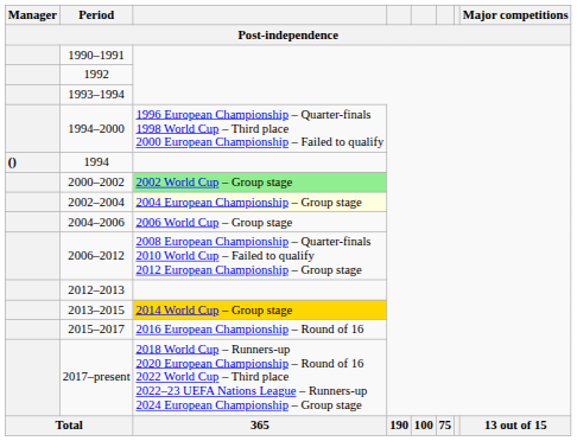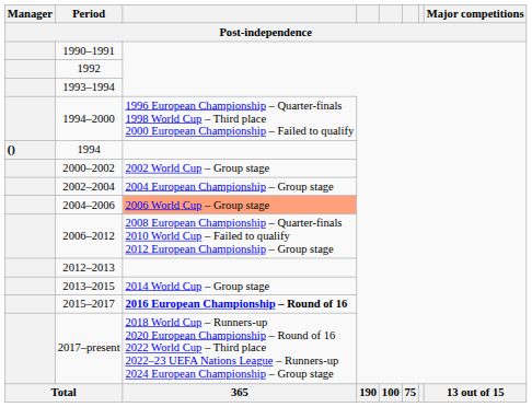 <table class="wikitable sortable plainrowheaders" cellpadding="3" style="text-align: center;">
 <tr>
 <th scope="col">Manager</th>
 <th scope="col">Period</th>
 <th></th>
 <th></th>
 <th></th>
 <th></th>
 <th></th>
 <th>Major competitions</th>
 </tr>
 <tr>
 <th colspan="8">Post-independence</th>
 </tr>
 <tr>
 <th scope="row" style="text-align: left;"> </th>
 <td>1990–1991<br></td>
 </tr>
 <tr>
 <th scope="row" style="text-align: left;"> </th>
 <td>1992<br></td>
 </tr>
 <tr>
 <th scope="row" style="text-align: left;"> </th>
 <td>1993–1994<br></td>
 </tr>
 <tr>
 <th scope="row" style="text-align: left;"> </th>
 <td>1994–2000<br></td>
 <td style="text-align: left;"> <a href='#'>1996 European Championship</a> – Quarter-finals<br> <a href='#'>1998 World Cup</a> – Third place<br> <a href='#'>2000 European Championship</a> – Failed to qualify</td>
 </tr>
 <tr>
 <th scope="row" style="text-align: left;">  ()</th>
 <td>1994<br></td>
 <td></td>
 </tr>
 <tr>
 <th scope="row" style="text-align: left;"> </th>
 <td>2000–2002<br></td>
-<td style="background: lightgreen; text-align: left;"> <a href='#'>2002 World Cup</a> – Group stage</td>
+<td style="text-align: left;"> <a href='#'>2002 World Cup</a> – Group stage</td>
 </tr>
 <tr>
 <th scope="row" style="text-align: left;"> </th>
 <td>2002–2004<br></td>
-<td style="background: lightyellow; text-align: left;"> <a href='#'>2004 European Championship</a> – Group stage</td>
+<td style="text-align: left;"> <a href='#'>2004 European Championship</a> – Group stage</td>
 </tr>
 <tr>
 <th scope="row" style="text-align: left;"> </th>
 <td>2004–2006<br></td>
-<td style="text-align: left;"> <a href='#'>2006 World Cup</a> – Group stage</td>
+<td style="background: lightsalmon; text-align: left;"> <a href='#'>2006 World Cup</a> – Group stage</td>
 </tr>
 <tr>
 <th scope="row" style="text-align: left;"> </th>
 <td>2006–2012<br></td>
 <td style="text-align: left;"> <a href='#'>2008 European Championship</a> – Quarter-finals<br> <a href='#'>2010 World Cup</a> – Failed to qualify<br> <a href='#'>2012 European Championship</a> – Group stage</td>
 </tr>
 <tr>
 <th scope="row" style="text-align: left;"> </th>
 <td>2012–2013<br></td>
 <td></td>
 </tr>
 <tr>
 <th scope="row" style="text-align: left;"> </th>
 <td>2013–2015<br></td>
-<td style="background: gold; text-align: left;"> <a href='#'>2014 World Cup</a> – Group stage</td>
+<td style="text-align: left;"> <a href='#'>2014 World Cup</a> – Group stage</td>
 </tr>
 <tr>
 <th scope="row" style="text-align: left;"> </th>
 <td>2015–2017<br></td>
-<td style="text-align: left;"> <a href='#'>2016 European Championship</a> – Round of 16</td>
+<td style="text-align: left;"><strong> <a href='#'>2016 European Championship</a> – Round of 16</strong></td>
 </tr>
 <tr>
 <th scope="row" style="text-align: left;"> </th>
 <td>2017–present<br></td>
 <td style="text-align: left;"> <a href='#'>2018 World Cup</a> – Runners-up<br> <a href='#'>2020 European Championship</a> – Round of 16<br> <a href='#'>2022 World Cup</a> – Third place<br> <a href='#'>2022–23 UEFA Nations League</a> – Runners-up<br> <a href='#'>2024 European Championship</a> – Group stage</td>
 </tr>
 <tr>
 <th colspan=2>Total</th>
 <th>365</th>
 <th>190</th>
 <th>100</th>
 <th>75</th>
 <th></th>
 <th rowspan="2">13 out of 15</th>
 </tr>
 </table>
